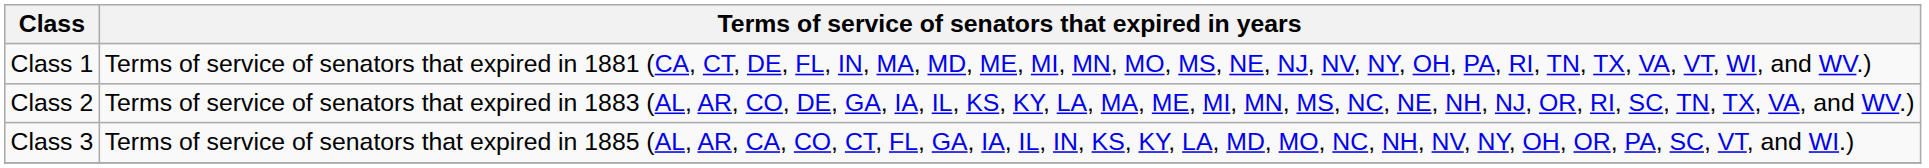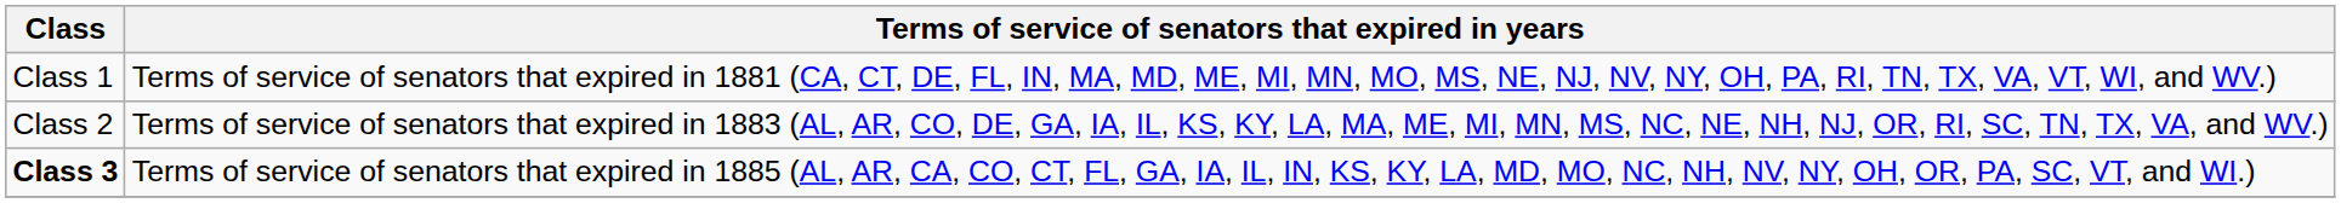 <table class="wikitable sortable">
 <tr valign=bottom>
 <th>Class</th>
 <th>Terms of service of senators that expired in years</th>
 </tr>
 <tr>
 <td>Class 1</td>
 <td>Terms of service of senators that expired in 1881 (<a href='#'>CA</a>, <a href='#'>CT</a>, <a href='#'>DE</a>, <a href='#'>FL</a>, <a href='#'>IN</a>, <a href='#'>MA</a>, <a href='#'>MD</a>, <a href='#'>ME</a>,  <a href='#'>MI</a>, <a href='#'>MN</a>, <a href='#'>MO</a>, <a href='#'>MS</a>, <a href='#'>NE</a>, <a href='#'>NJ</a>, <a href='#'>NV</a>, <a href='#'>NY</a>, <a href='#'>OH</a>, <a href='#'>PA</a>, <a href='#'>RI</a>, <a href='#'>TN</a>, <a href='#'>TX</a>, <a href='#'>VA</a>, <a href='#'>VT</a>, <a href='#'>WI</a>, and <a href='#'>WV</a>.)</td>
 </tr>
 <tr>
 <td>Class 2</td>
 <td>Terms of service of senators that expired in 1883 (<a href='#'>AL</a>, <a href='#'>AR</a>, <a href='#'>CO</a>, <a href='#'>DE</a>, <a href='#'>GA</a>, <a href='#'>IA</a>, <a href='#'>IL</a>, <a href='#'>KS</a>, <a href='#'>KY</a>, <a href='#'>LA</a>, <a href='#'>MA</a>, <a href='#'>ME</a>, <a href='#'>MI</a>, <a href='#'>MN</a>, <a href='#'>MS</a>, <a href='#'>NC</a>, <a href='#'>NE</a>, <a href='#'>NH</a>, <a href='#'>NJ</a>, <a href='#'>OR</a>, <a href='#'>RI</a>, <a href='#'>SC</a>, <a href='#'>TN</a>, <a href='#'>TX</a>, <a href='#'>VA</a>, and <a href='#'>WV</a>.)</td>
 </tr>
 <tr>
-<td>Class 3</td>
+<td><strong>Class 3</strong></td>
 <td>Terms of service of senators that expired in 1885 (<a href='#'>AL</a>, <a href='#'>AR</a>, <a href='#'>CA</a>, <a href='#'>CO</a>, <a href='#'>CT</a>, <a href='#'>FL</a>, <a href='#'>GA</a>, <a href='#'>IA</a>, <a href='#'>IL</a>, <a href='#'>IN</a>, <a href='#'>KS</a>, <a href='#'>KY</a>, <a href='#'>LA</a>, <a href='#'>MD</a>, <a href='#'>MO</a>, <a href='#'>NC</a>, <a href='#'>NH</a>, <a href='#'>NV</a>, <a href='#'>NY</a>, <a href='#'>OH</a>, <a href='#'>OR</a>, <a href='#'>PA</a>, <a href='#'>SC</a>, <a href='#'>VT</a>, and <a href='#'>WI</a>.)</td>
 </tr>
 <tr>
 </tr>
 </table>
